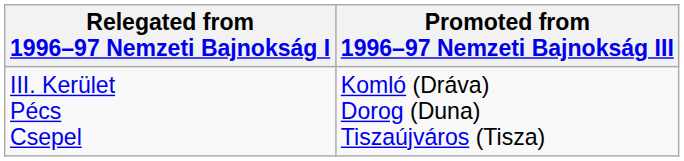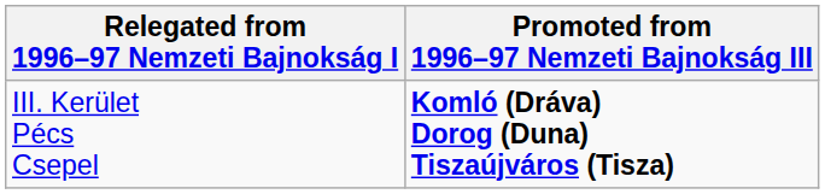 <table class="wikitable">
 <tr>
 <th>Relegated from<br><a href='#'>1996–97 Nemzeti Bajnokság I</a></th>
 <th>Promoted from<br><a href='#'>1996–97 Nemzeti Bajnokság III</a></th>
 </tr>
 <tr>
 <td> <a href='#'>III. Kerület</a><br> <a href='#'>Pécs</a><br> <a href='#'>Csepel</a></td>
-<td> <a href='#'>Komló</a> (Dráva)<br> <a href='#'>Dorog</a> (Duna)<br> <a href='#'>Tiszaújváros</a> (Tisza)</td>
+<td><strong> <a href='#'>Komló</a> (Dráva)<br> <a href='#'>Dorog</a> (Duna)<br> <a href='#'>Tiszaújváros</a> (Tisza)</strong></td>
 </tr>
 </table>
